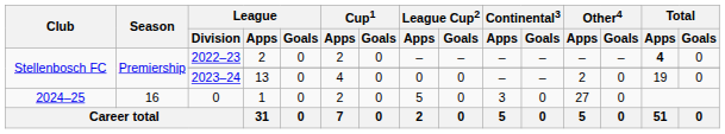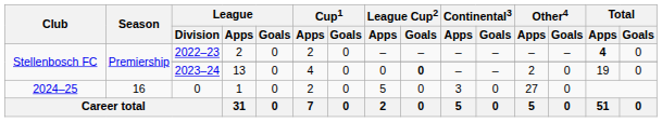 <table class="wikitable" style="text-align: center;">
 <tr>
 <th rowspan=2 style="width: 100pt;">Club</th>
 <th rowspan=2>Season</th>
 <th colspan=3>League</th>
 <th colspan="2">Cup<sup>1</sup></th>
 <th colspan="2">League Cup<sup>2</sup></th>
 <th colspan="2">Continental<sup>3</sup></th>
 <th colspan=2>Other<sup>4</sup></th>
 <th colspan=2>Total</th>
 </tr>
 <tr>
 <th>Division</th>
 <th>Apps</th>
 <th>Goals</th>
 <th>Apps</th>
 <th>Goals</th>
 <th>Apps</th>
 <th>Goals</th>
 <th>Apps</th>
 <th>Goals</th>
 <th>Apps</th>
 <th>Goals</th>
 <th>Apps</th>
 <th>Goals</th>
 </tr>
 <tr>
 <td rowspan="3"><a href='#'>Stellenbosch FC</a></td>
 <td rowspan="3"><a href='#'>Premiership</a></td>
 <td><a href='#'>2022–23</a></td>
 <td>2</td>
 <td>0</td>
 <td>2</td>
 <td>0</td>
 <td>–</td>
 <td>–</td>
 <td>–</td>
 <td>–</td>
 <td>–</td>
 <td>–</td>
 <td><strong>4</strong></td>
 <td>0</td>
 </tr>
 <tr>
 </tr>
 <tr>
 <td><a href='#'>2023–24</a></td>
 <td>13</td>
 <td>0</td>
 <td>4</td>
 <td>0</td>
 <td>0</td>
-<td>0</td>
+<td><strong>0</strong></td>
 <td>–</td>
 <td>–</td>
 <td>2</td>
 <td>0</td>
 <td>19</td>
 <td>0</td>
 </tr>
 <tr>
 <td><a href='#'>2024–25</a></td>
 <td>16</td>
 <td>0</td>
 <td>1</td>
 <td>0</td>
 <td>2</td>
 <td>0</td>
 <td>5</td>
 <td>0</td>
 <td>3</td>
 <td>0</td>
 <td>27</td>
 <td>0</td>
 </tr>
 <tr>
 <th colspan="3">Career total</th>
 <th>31</th>
 <th>0</th>
 <th>7</th>
 <th>0</th>
 <th>2</th>
 <th>0</th>
 <th>5</th>
 <th>0</th>
 <th>5</th>
 <th>0</th>
 <th>51</th>
 <th>0</th>
 </tr>
 </table>
